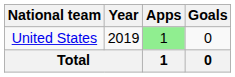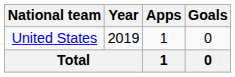 <table class="wikitable" style="text-align:center">
 <tr>
 <th>National team</th>
 <th>Year</th>
 <th>Apps</th>
 <th>Goals</th>
 </tr>
 <tr>
 <td rowspan="1"><a href='#'>United States</a></td>
 <td>2019</td>
-<td style="background: lightgreen;">1</td>
+<td>1</td>
 <td>0</td>
 </tr>
 <tr>
 <th colspan="2">Total</th>
 <th>1</th>
 <th>0</th>
 </tr>
 </table>
